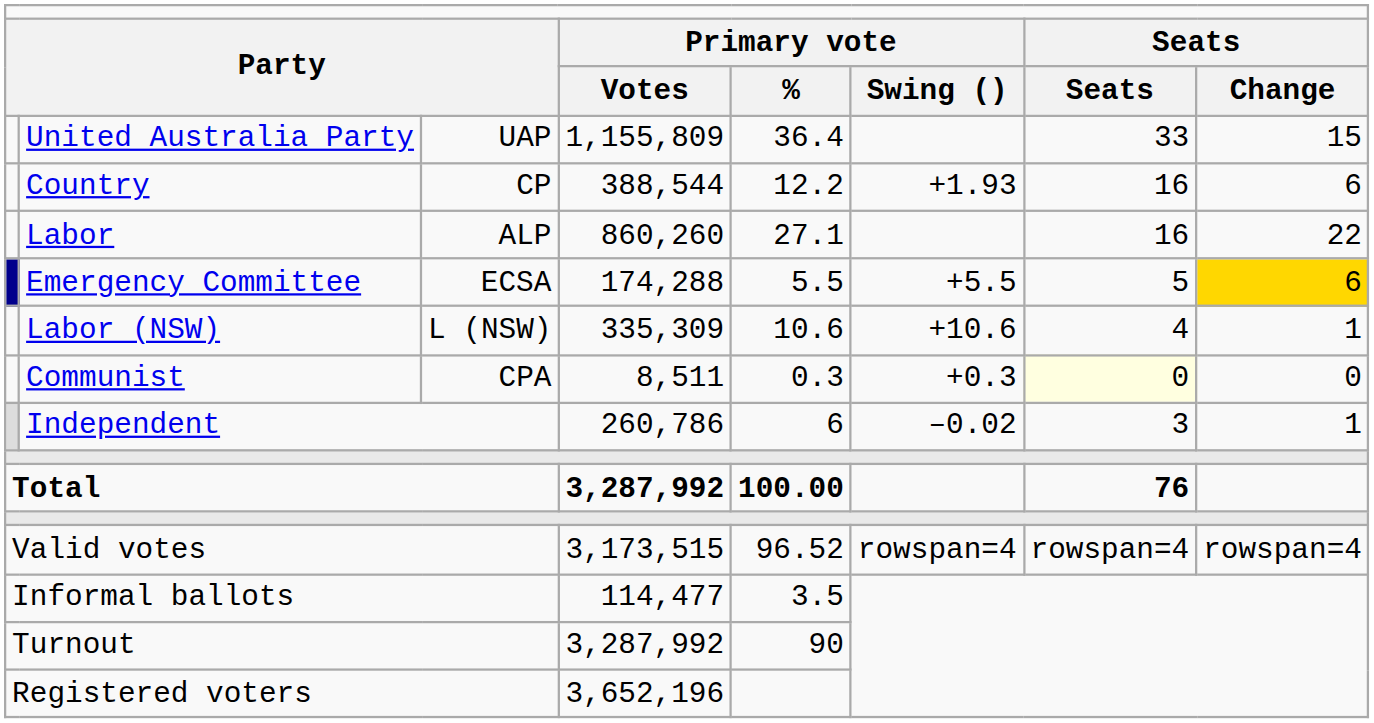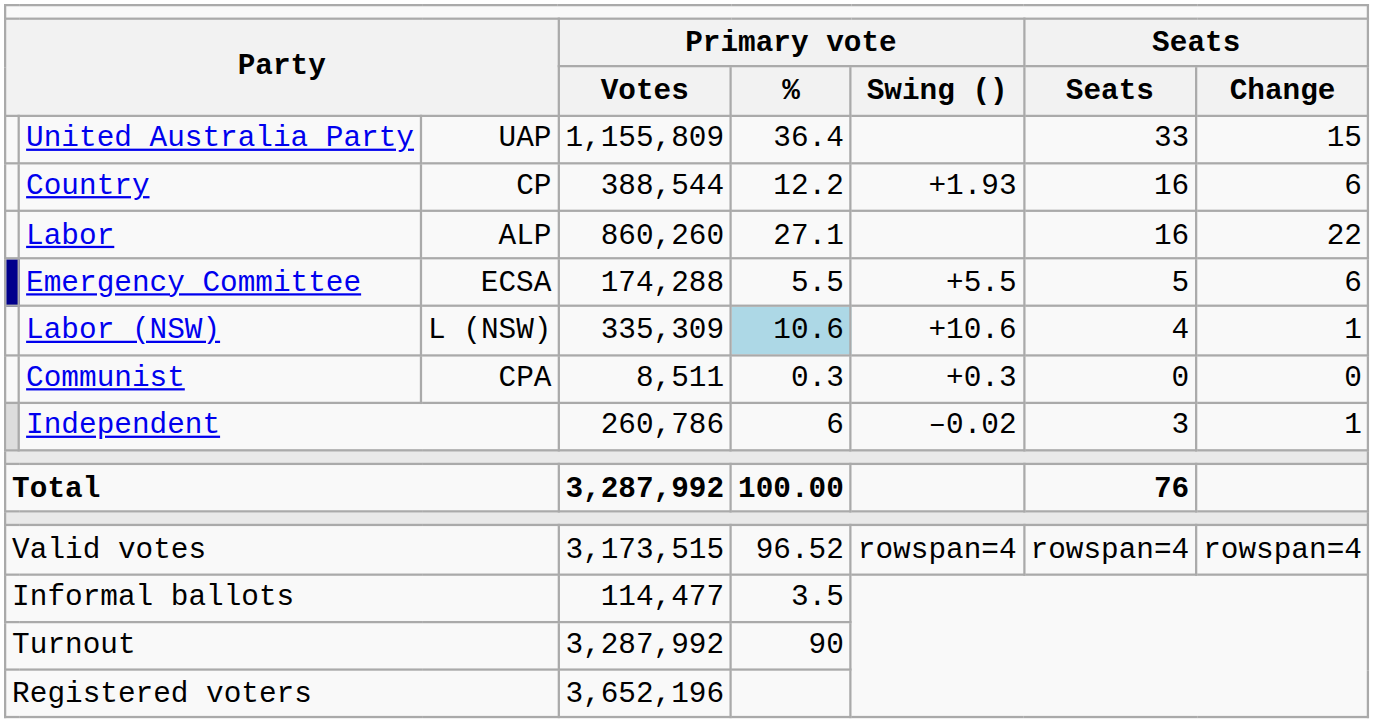 <table class="wikitable sortable tpl-blanktable" style="text-align:right; margin-bottom:0">
 <tr>
 <td colspan=10 align=center></td>
 </tr>
 <tr>
 <th colspan="3" rowspan="2" style="width:200px">Party</th>
 <th colspan="3">Primary vote</th>
 <th colspan="2">Seats</th>
 </tr>
 <tr>
 <th style="width:70px;">Votes</th>
 <th style="width:40px;">%</th>
 <th style="width:40px;">Swing ()</th>
 <th style="width:40px;">Seats</th>
 <th style="width:40px;">Change</th>
 </tr>
 <tr>
 <td style="background-color:"></td>
 <td style="text-align:left;"><a href='#'>United Australia Party</a></td>
 <td>UAP</td>
 <td>1,155,809</td>
 <td>36.4</td>
 <td></td>
 <td>33</td>
 <td> 15</td>
 </tr>
 <tr>
 <td style="background-color:"></td>
 <td style="text-align:left;"><a href='#'>Country</a></td>
 <td>CP</td>
 <td>388,544</td>
 <td>12.2</td>
 <td>+1.93</td>
 <td>16</td>
 <td> 6</td>
 </tr>
 <tr>
 <td style="background-color:"></td>
 <td style="text-align:left;"><a href='#'>Labor</a></td>
 <td>ALP</td>
 <td>860,260</td>
 <td>27.1</td>
 <td></td>
 <td>16</td>
 <td> 22</td>
 </tr>
 <tr>
 <td style="background-color:#01008c;"></td>
 <td style="text-align:left;"><a href='#'>Emergency Committee</a></td>
 <td>ECSA</td>
 <td>174,288</td>
 <td>5.5</td>
 <td>+5.5</td>
 <td>5</td>
-<td style="background: gold;"> 6</td>
+<td> 6</td>
 </tr>
 <tr>
 <td style="background-color:"></td>
 <td style="text-align:left;"><a href='#'>Labor (NSW)</a></td>
 <td>L (NSW)</td>
 <td>335,309</td>
-<td>10.6</td>
+<td style="background: lightblue;">10.6</td>
 <td>+10.6</td>
 <td>4</td>
 <td> 1</td>
 </tr>
 <tr>
 <td style="background-color:"></td>
 <td style="text-align:left;"><a href='#'>Communist</a></td>
 <td>CPA</td>
 <td>8,511</td>
 <td>0.3</td>
 <td>+0.3</td>
-<td style="background: lightyellow;">0</td>
+<td>0</td>
 <td> 0</td>
 </tr>
 <tr>
 <td style="background-color:#DDDDDD;"></td>
 <td colspan=2 style="text-align:left;"><a href='#'>Independent</a></td>
 <td>260,786</td>
 <td>6</td>
 <td>–0.02</td>
 <td>3</td>
 <td> 1</td>
 </tr>
 <tr>
 <td style="background-color:#E9E9E9;" colspan="10"></td>
 </tr>
 <tr style="font-weight:bold">
 <td style="text-align:left;" colspan="3">Total</td>
 <td>3,287,992</td>
 <td>100.00</td>
 <td></td>
 <td>76</td>
 <td></td>
 </tr>
 <tr>
 <td style="background-color:#E9E9E9;" colspan="10"></td>
 </tr>
 <tr>
 <td style="text-align:left;" colspan="3">Valid votes</td>
 <td>3,173,515</td>
 <td>96.52</td>
 <td>rowspan=4 </td>
 <td>rowspan=4 </td>
 <td>rowspan=4 </td>
 </tr>
 <tr>
 <td style="text-align:left;" colspan="3">Informal ballots</td>
 <td>114,477</td>
 <td>3.5</td>
 </tr>
 <tr>
 <td style="text-align:left;" colspan="3">Turnout</td>
 <td>3,287,992</td>
 <td>90</td>
 </tr>
 <tr>
 <td style="text-align:left;" colspan="3">Registered voters</td>
 <td>3,652,196</td>
 <td></td>
 </tr>
 </table>
